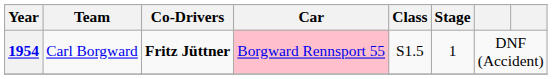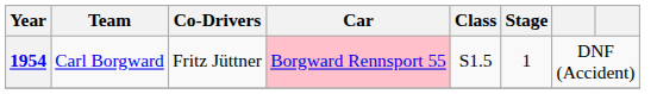 <table class="wikitable" style="font-size:90%">
 <tr>
 <th>Year</th>
 <th>Team</th>
 <th>Co-Drivers</th>
 <th>Car</th>
 <th>Class</th>
 <th>Stage</th>
 <th></th>
 <th></th>
 </tr>
 <tr align="center">
 <th><a href='#'>1954</a></th>
 <td align="left"> <a href='#'>Carl Borgward</a></td>
-<td align="left"><strong> Fritz Jüttner</strong></td>
+<td align="left"> Fritz Jüttner</td>
 <td align="left" style="background: pink;"><a href='#'>Borgward Rennsport 55</a></td>
 <td>S1.5</td>
 <td>1</td>
 <td colspan=2>DNF<br>(Accident)</td>
 </tr>
 <tr align="center">
 </tr>
 </table>
